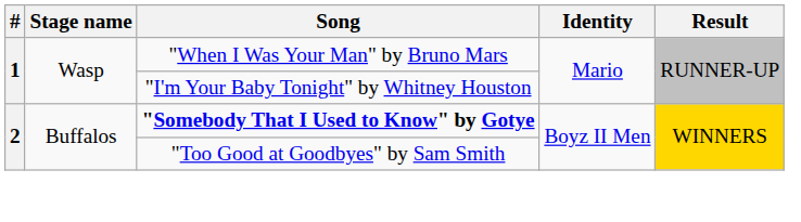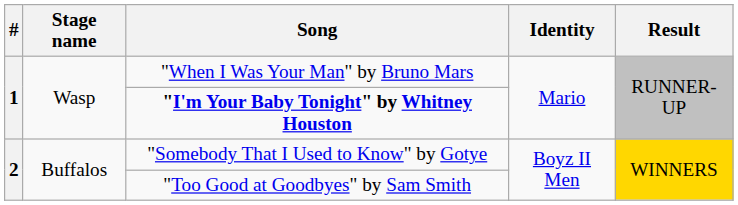 <table class="wikitable plainrowheaders" style="text-align: center;">
 <tr>
 <th>#</th>
 <th>Stage name</th>
 <th>Song</th>
 <th>Identity</th>
 <th>Result</th>
 </tr>
 <tr>
 <th rowspan="2">1</th>
 <td rowspan="2">Wasp</td>
 <td>"<a href='#'>When I Was Your Man</a>" by <a href='#'>Bruno Mars</a></td>
 <td rowspan="2"><a href='#'>Mario</a></td>
 <td bgcolor=silver rowspan=2>RUNNER-UP</td>
 </tr>
 <tr>
-<td>"<a href='#'>I'm Your Baby Tonight</a>" by <a href='#'>Whitney Houston</a></td>
+<td><strong>"<a href='#'>I'm Your Baby Tonight</a>" by <a href='#'>Whitney Houston</a></strong></td>
 </tr>
 <tr>
 <th rowspan="2">2</th>
 <td rowspan="2">Buffalos</td>
-<td><strong>"<a href='#'>Somebody That I Used to Know</a>" by <a href='#'>Gotye</a></strong></td>
+<td>"<a href='#'>Somebody That I Used to Know</a>" by <a href='#'>Gotye</a></td>
 <td rowspan="2"><a href='#'>Boyz II Men</a></td>
 <td bgcolor=gold rowspan=2>WINNERS</td>
 </tr>
 <tr>
 <td>"<a href='#'>Too Good at Goodbyes</a>" by <a href='#'>Sam Smith</a></td>
 </tr>
 </table>
